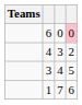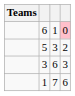 <table class="wikitable" style="text-align: center;">
 <tr>
 <th>Teams</th>
 <th></th>
 <th></th>
 <th></th>
 </tr>
 <tr>
 <td></td>
 <td>6</td>
-<td>0</td>
+<td>1</td>
 <td style="background: pink;">0</td>
 </tr>
 <tr>
 <td></td>
-<td>4</td>
+<td>5</td>
 <td>3</td>
 <td>2</td>
 </tr>
 <tr>
 <td></td>
 <td>3</td>
-<td>4</td>
-<td>5</td>
+<td>6</td>
+<td>3</td>
 </tr>
 <tr>
 <td></td>
 <td>1</td>
 <td>7</td>
 <td>6</td>
 </tr>
 </table>
